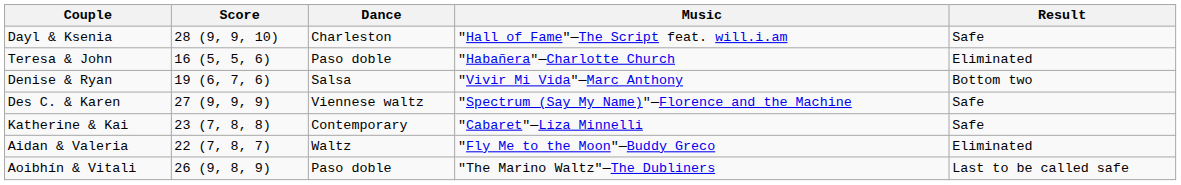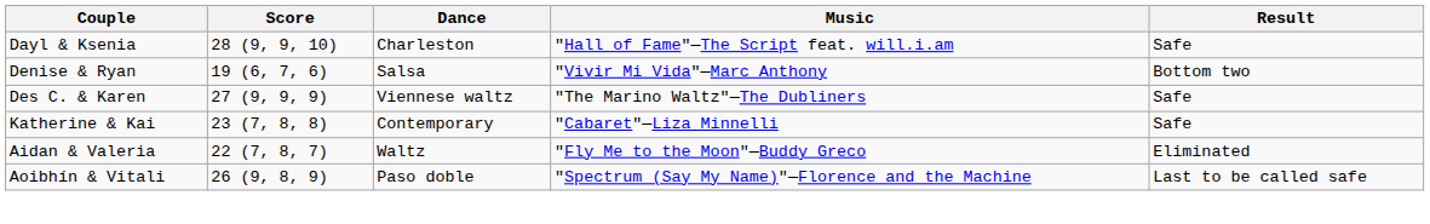 <table class="wikitable" style="width:90%;">
 <tr>
 <th>Couple</th>
 <th>Score</th>
 <th>Dance</th>
 <th>Music</th>
 <th>Result</th>
 </tr>
 <tr>
 <td>Dayl & Ksenia</td>
 <td>28 (9, 9, 10)</td>
 <td>Charleston</td>
 <td>"<a href='#'>Hall of Fame</a>"—<a href='#'>The Script</a> feat. <a href='#'>will.i.am</a></td>
 <td>Safe</td>
 </tr>
 <tr>
-<td>Teresa & John</td>
-<td>16 (5, 5, 6)</td>
-<td>Paso doble</td>
-<td>"<a href='#'>Habañera</a>"—<a href='#'>Charlotte Church</a></td>
-<td>Eliminated</td>
-</tr>
-<tr>
 <td>Denise & Ryan</td>
 <td>19 (6, 7, 6)</td>
 <td>Salsa</td>
 <td>"<a href='#'>Vivir Mi Vida</a>"—<a href='#'>Marc Anthony</a></td>
 <td>Bottom two</td>
 </tr>
 <tr>
 <td>Des C. & Karen</td>
 <td>27 (9, 9, 9)</td>
 <td>Viennese waltz</td>
-<td>"<a href='#'>Spectrum (Say My Name)</a>"—<a href='#'>Florence and the Machine</a></td>
+<td>"The Marino Waltz"—<a href='#'>The Dubliners</a></td>
 <td>Safe</td>
 </tr>
 <tr>
 <td>Katherine & Kai</td>
 <td>23 (7, 8, 8)</td>
 <td>Contemporary</td>
 <td>"<a href='#'>Cabaret</a>"—<a href='#'>Liza Minnelli</a></td>
 <td>Safe</td>
 </tr>
 <tr>
 <td>Aidan & Valeria</td>
 <td>22 (7, 8, 7)</td>
 <td>Waltz</td>
 <td>"<a href='#'>Fly Me to the Moon</a>"—<a href='#'>Buddy Greco</a></td>
 <td>Eliminated</td>
 </tr>
 <tr>
 <td>Aoibhín & Vitali</td>
 <td>26 (9, 8, 9)</td>
 <td>Paso doble</td>
-<td>"The Marino Waltz"—<a href='#'>The Dubliners</a></td>
+<td>"<a href='#'>Spectrum (Say My Name)</a>"—<a href='#'>Florence and the Machine</a></td>
 <td>Last to be called safe</td>
 </tr>
 </table>
